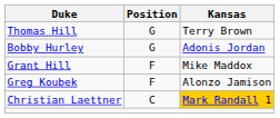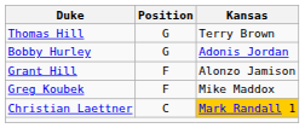 <table class="wikitable">
 <tr>
 <th>Duke</th>
 <th colspan="2">Position</th>
 <th>Kansas</th>
 </tr>
 <tr>
 <td><a href='#'>Thomas Hill</a></td>
 <td colspan=2 style="text-align:center">G</td>
 <td>Terry Brown</td>
 </tr>
 <tr>
 <td><a href='#'>Bobby Hurley</a></td>
 <td colspan=2 style="text-align:center">G</td>
 <td><a href='#'>Adonis Jordan</a></td>
 </tr>
 <tr>
 <td><a href='#'>Grant Hill</a></td>
 <td colspan=2 style="text-align:center">F</td>
-<td>Mike Maddox</td>
+<td>Alonzo Jamison</td>
 </tr>
 <tr>
 <td><a href='#'>Greg Koubek</a></td>
 <td colspan=2 style="text-align:center">F</td>
-<td>Alonzo Jamison</td>
+<td>Mike Maddox</td>
 </tr>
 <tr>
 <td><a href='#'>Christian Laettner</a></td>
 <td colspan=2 style="text-align:center">C</td>
 <td style="background:#ffcc00"><a href='#'>Mark Randall</a> 1<br></td>
 </tr>
 <tr>
 <td colspan="5" align=center></td>
 </tr>
 </table>
